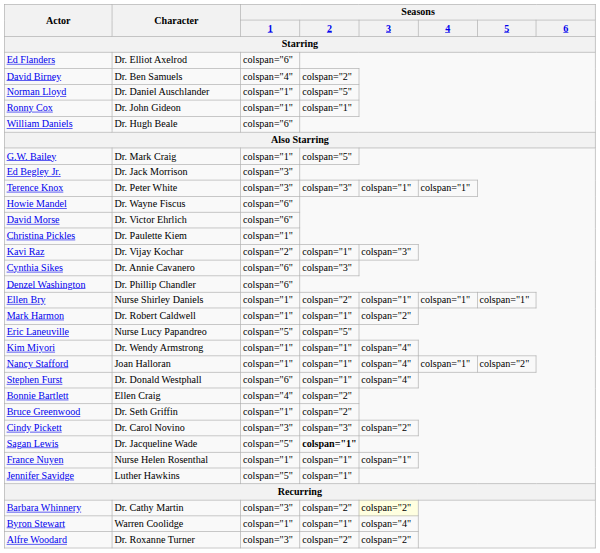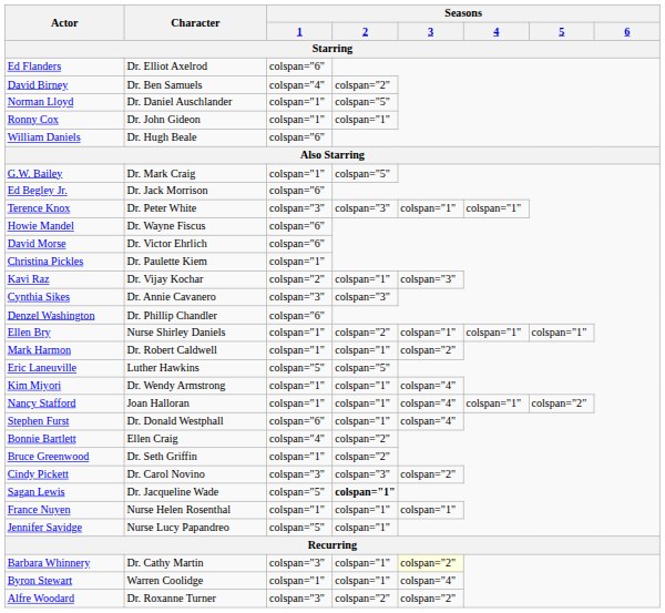 <table class="wikitable plainrowheaders">
 <tr>
 <th scope="col" rowspan="2">Actor</th>
 <th scope="col" rowspan="2">Character</th>
 <th scope="col" colspan="6">Seasons</th>
 </tr>
 <tr>
 <th scope="col" style="width:10%;"><a href='#'>1</a></th>
 <th scope="col" style="width:10%;"><a href='#'>2</a></th>
 <th scope="col" style="width:10%;"><a href='#'>3</a></th>
 <th scope="col" style="width:10%;"><a href='#'>4</a></th>
 <th scope="col" style="width:10%;"><a href='#'>5</a></th>
 <th scope="col" style="width:10%;"><a href='#'>6</a></th>
 </tr>
 <tr>
 <th scope="col" colspan="8">Starring</th>
 </tr>
 <tr>
 <td><a href='#'>Ed Flanders</a></td>
 <td>Dr. Elliot Axelrod</td>
 <td>colspan="6" </td>
 </tr>
 <tr>
 <td><a href='#'>David Birney</a></td>
 <td>Dr. Ben Samuels</td>
 <td>colspan="4" </td>
 <td>colspan="2" </td>
 </tr>
 <tr>
 <td><a href='#'>Norman Lloyd</a></td>
 <td>Dr. Daniel Auschlander</td>
 <td>colspan="1" </td>
 <td>colspan="5" </td>
 </tr>
 <tr>
 <td><a href='#'>Ronny Cox</a></td>
 <td>Dr. John Gideon</td>
 <td>colspan="1" </td>
 <td>colspan="1" </td>
 </tr>
 <tr>
 <td><a href='#'>William Daniels</a></td>
 <td>Dr. Hugh Beale</td>
 <td>colspan="6" </td>
 </tr>
 <tr>
 <th scope="col" colspan="8">Also Starring</th>
 </tr>
 <tr>
 <td><a href='#'>G.W. Bailey</a></td>
 <td>Dr. Mark Craig</td>
 <td>colspan="1" </td>
 <td>colspan="5" </td>
 </tr>
 <tr>
 <td><a href='#'>Ed Begley Jr.</a></td>
 <td>Dr. Jack Morrison</td>
-<td>colspan="3" </td>
+<td>colspan="6" </td>
 </tr>
 <tr>
 <td><a href='#'>Terence Knox</a></td>
 <td>Dr. Peter White</td>
 <td>colspan="3" </td>
 <td>colspan="3" </td>
 <td>colspan="1" </td>
 <td>colspan="1" </td>
 </tr>
 <tr>
 <td><a href='#'>Howie Mandel</a></td>
 <td>Dr. Wayne Fiscus</td>
 <td>colspan="6" </td>
 </tr>
 <tr>
 <td><a href='#'>David Morse</a></td>
 <td>Dr. Victor Ehrlich</td>
 <td>colspan="6" </td>
 </tr>
 <tr>
 <td><a href='#'>Christina Pickles</a></td>
 <td>Dr. Paulette Kiem</td>
 <td>colspan="1" </td>
 </tr>
 <tr>
 <td><a href='#'>Kavi Raz</a></td>
 <td>Dr. Vijay Kochar</td>
 <td>colspan="2" </td>
 <td>colspan="1" </td>
 <td>colspan="3" </td>
 </tr>
 <tr>
 <td><a href='#'>Cynthia Sikes</a></td>
 <td>Dr. Annie Cavanero</td>
-<td>colspan="6" </td>
+<td>colspan="3" </td>
 <td>colspan="3" </td>
 </tr>
 <tr>
 <td><a href='#'>Denzel Washington</a></td>
 <td>Dr. Phillip Chandler</td>
 <td>colspan="6" </td>
 </tr>
 <tr>
 <td><a href='#'>Ellen Bry</a></td>
 <td>Nurse Shirley Daniels</td>
 <td>colspan="1" </td>
 <td>colspan="2" </td>
 <td>colspan="1" </td>
 <td>colspan="1" </td>
 <td>colspan="1" </td>
 </tr>
 <tr>
 <td><a href='#'>Mark Harmon</a></td>
 <td>Dr. Robert Caldwell</td>
 <td>colspan="1" </td>
 <td>colspan="1" </td>
 <td>colspan="2" </td>
 </tr>
 <tr>
 <td><a href='#'>Eric Laneuville</a></td>
-<td>Nurse Lucy Papandreo</td>
+<td>Luther Hawkins</td>
 <td>colspan="5" </td>
 <td>colspan="5" </td>
 </tr>
 <tr>
 <td><a href='#'>Kim Miyori</a></td>
 <td>Dr. Wendy Armstrong</td>
 <td>colspan="1" </td>
 <td>colspan="1" </td>
 <td>colspan="4" </td>
 </tr>
 <tr>
 <td><a href='#'>Nancy Stafford</a></td>
 <td>Joan Halloran</td>
 <td>colspan="1" </td>
 <td>colspan="1" </td>
 <td>colspan="4" </td>
 <td>colspan="1" </td>
 <td>colspan="2" </td>
 </tr>
 <tr>
 <td><a href='#'>Stephen Furst</a></td>
 <td>Dr. Donald Westphall</td>
 <td>colspan="6" </td>
 <td>colspan="1" </td>
 <td>colspan="4" </td>
 </tr>
 <tr>
 <td><a href='#'>Bonnie Bartlett</a></td>
 <td>Ellen Craig</td>
 <td>colspan="4" </td>
 <td>colspan="2" </td>
 </tr>
 <tr>
 <td><a href='#'>Bruce Greenwood</a></td>
 <td>Dr. Seth Griffin</td>
 <td>colspan="1" </td>
 <td>colspan="2" </td>
 </tr>
 <tr>
 <td><a href='#'>Cindy Pickett</a></td>
 <td>Dr. Carol Novino</td>
 <td>colspan="3" </td>
 <td>colspan="3" </td>
 <td>colspan="2" </td>
 </tr>
 <tr>
 <td><a href='#'>Sagan Lewis</a></td>
 <td>Dr. Jacqueline Wade</td>
 <td>colspan="5" </td>
 <td><strong>colspan="1" </strong></td>
 </tr>
 <tr>
 <td><a href='#'>France Nuyen</a></td>
 <td>Nurse Helen Rosenthal</td>
 <td>colspan="1" </td>
 <td>colspan="1" </td>
 <td>colspan="1" </td>
 </tr>
 <tr>
 <td><a href='#'>Jennifer Savidge</a></td>
-<td>Luther Hawkins</td>
+<td>Nurse Lucy Papandreo</td>
 <td>colspan="5" </td>
 <td>colspan="1" </td>
 </tr>
 <tr>
 <th scope="col" colspan="8">Recurring</th>
 </tr>
 <tr>
 <td><a href='#'>Barbara Whinnery</a></td>
 <td>Dr. Cathy Martin</td>
 <td>colspan="3" </td>
-<td>colspan="2" </td>
+<td>colspan="1" </td>
 <td style="background: lightyellow;">colspan="2" </td>
 </tr>
 <tr>
 <td><a href='#'>Byron Stewart</a></td>
 <td>Warren Coolidge</td>
 <td>colspan="1" </td>
 <td>colspan="1" </td>
 <td>colspan="4" </td>
 </tr>
 <tr>
 <td><a href='#'>Alfre Woodard</a></td>
 <td>Dr. Roxanne Turner</td>
 <td>colspan="3" </td>
 <td>colspan="2" </td>
 <td>colspan="2" </td>
 </tr>
 </table>
